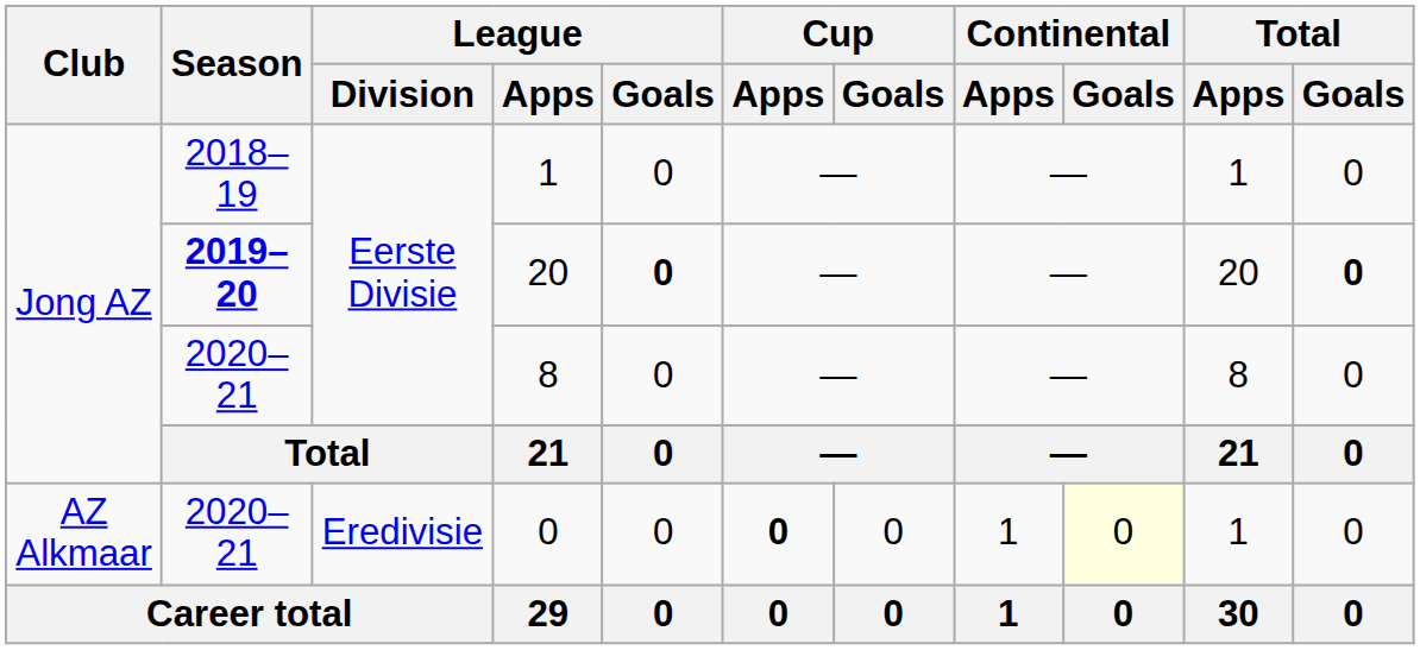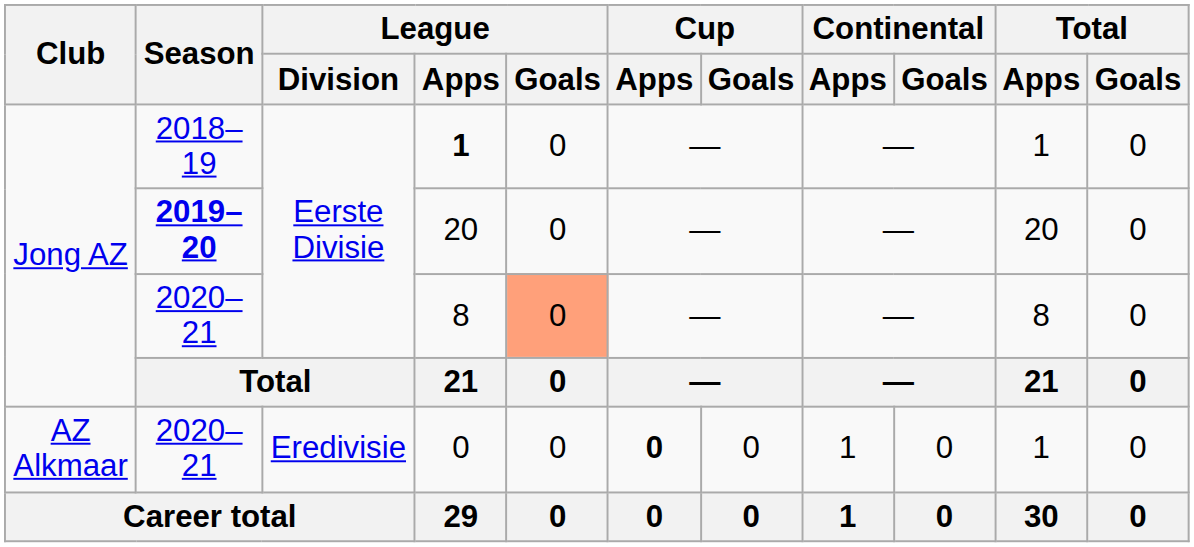 <table class="wikitable" style="text-align: center">
 <tr>
 <th rowspan="2">Club</th>
 <th rowspan="2">Season</th>
 <th colspan="3">League</th>
 <th colspan="2">Cup</th>
 <th colspan="2">Continental</th>
 <th colspan="2">Total</th>
 </tr>
 <tr>
 <th>Division</th>
 <th>Apps</th>
 <th>Goals</th>
 <th>Apps</th>
 <th>Goals</th>
 <th>Apps</th>
 <th>Goals</th>
 <th>Apps</th>
 <th>Goals</th>
 </tr>
 <tr>
 <td rowspan="4"><a href='#'>Jong AZ</a></td>
 <td><a href='#'>2018–19</a></td>
 <td rowspan="3"><a href='#'>Eerste Divisie</a></td>
-<td>1</td>
+<td><strong>1</strong></td>
 <td>0</td>
 <td colspan="2">—</td>
 <td colspan="2">—</td>
 <td>1</td>
 <td>0</td>
 </tr>
 <tr>
 <td><strong><a href='#'>2019–20</a></strong></td>
 <td>20</td>
-<td><strong>0</strong></td>
+<td>0</td>
 <td colspan="2">—</td>
 <td colspan="2">—</td>
 <td>20</td>
-<td><strong>0</strong></td>
+<td>0</td>
 </tr>
 <tr>
 <td><a href='#'>2020–21</a></td>
 <td>8</td>
-<td>0</td>
+<td style="background: lightsalmon;">0</td>
 <td colspan="2">—</td>
 <td colspan="2">—</td>
 <td>8</td>
 <td>0</td>
 </tr>
 <tr>
 <th colspan="2">Total</th>
 <th>21</th>
 <th>0</th>
 <th colspan="2">—</th>
 <th colspan="2">—</th>
 <th>21</th>
 <th>0</th>
 </tr>
 <tr>
 <td><a href='#'>AZ Alkmaar</a></td>
 <td><a href='#'>2020–21</a></td>
 <td><a href='#'>Eredivisie</a></td>
 <td>0</td>
 <td>0</td>
 <td><strong>0</strong></td>
 <td>0</td>
 <td>1</td>
-<td style="background: lightyellow;">0</td>
+<td>0</td>
 <td>1</td>
 <td>0</td>
 </tr>
 <tr>
 <th colspan="3">Career total</th>
 <th>29</th>
 <th>0</th>
 <th>0</th>
 <th>0</th>
 <th>1</th>
 <th>0</th>
 <th>30</th>
 <th>0</th>
 </tr>
 </table>
